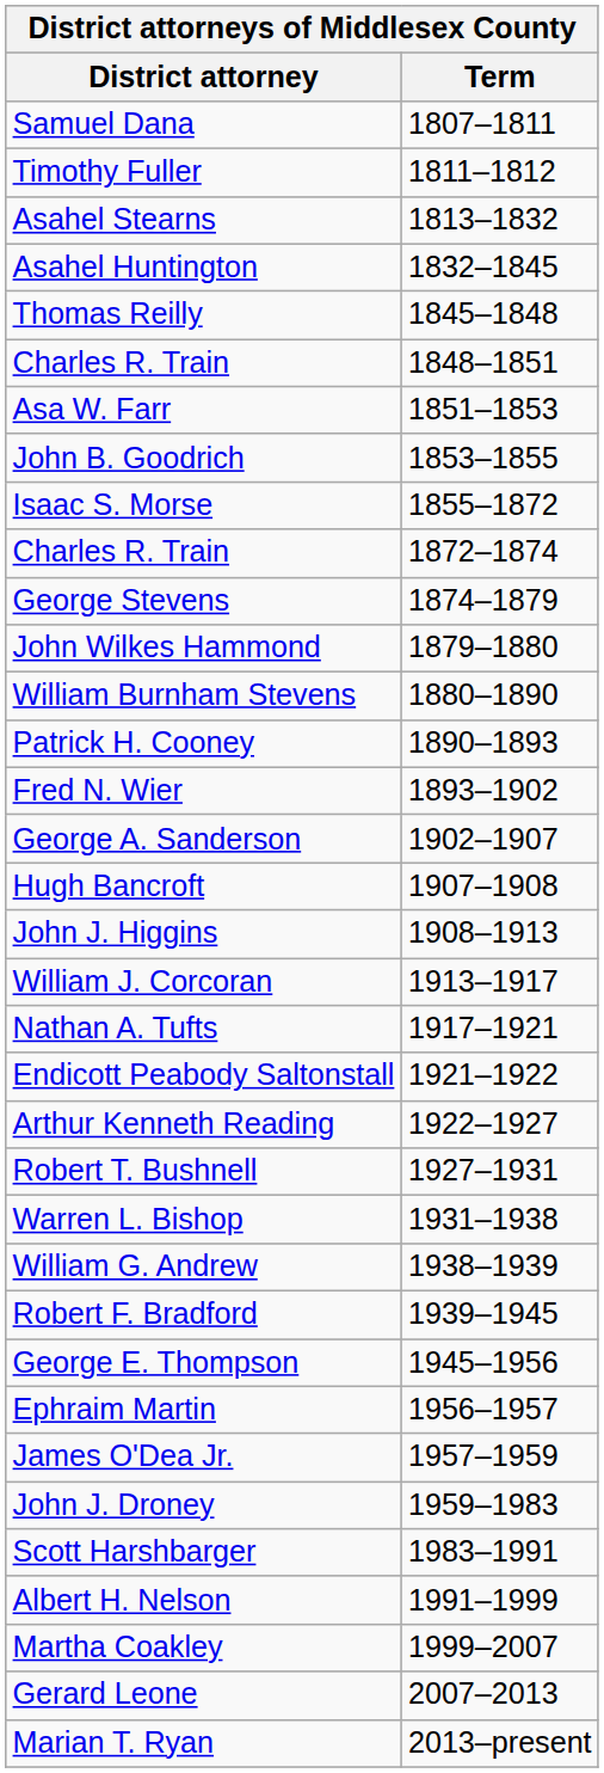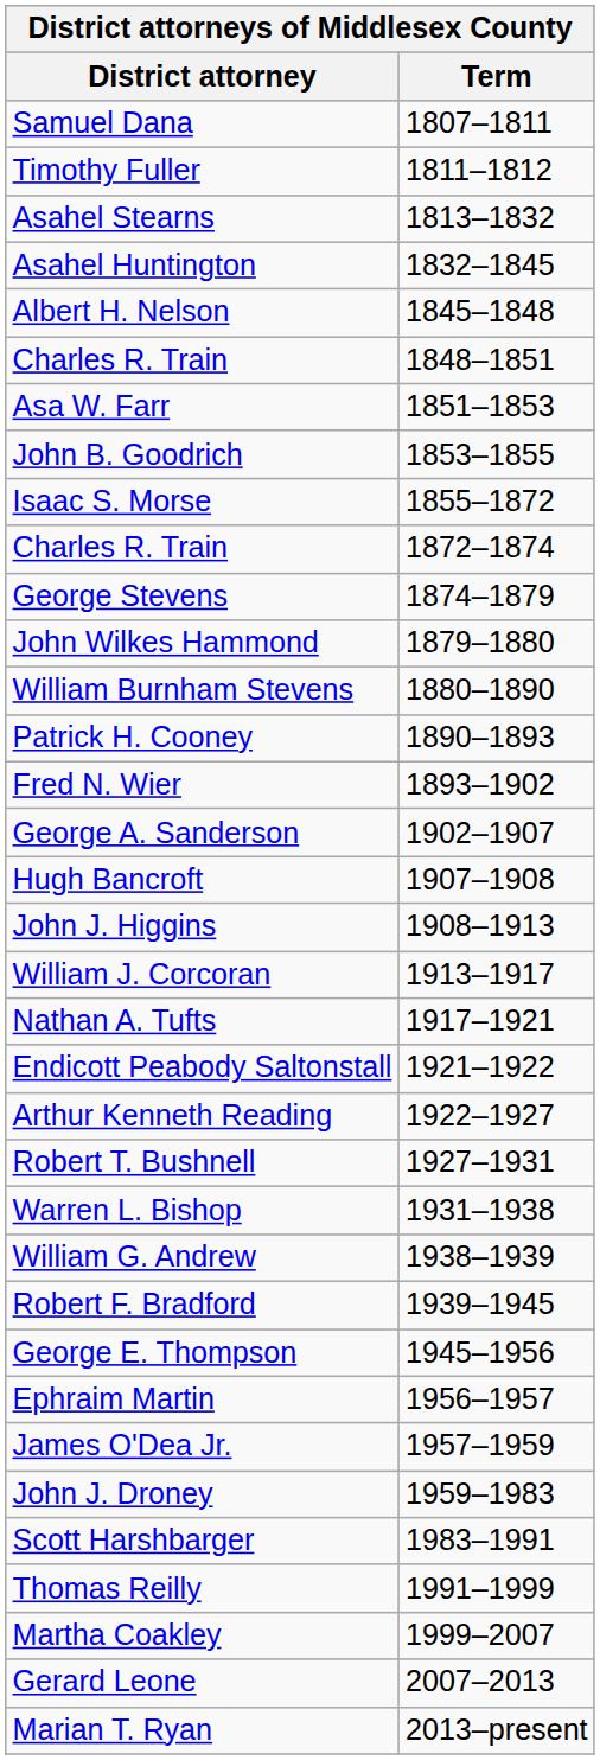 <table class="wikitable collapsible collapsed">
 <tr>
 <th colspan="2">District attorneys of Middlesex County</th>
 </tr>
 <tr>
 <th>District attorney</th>
 <th>Term</th>
 </tr>
 <tr>
 <td><a href='#'>Samuel Dana</a></td>
 <td>1807–1811</td>
 </tr>
 <tr>
 <td><a href='#'>Timothy Fuller</a></td>
 <td>1811–1812</td>
 </tr>
 <tr>
 <td><a href='#'>Asahel Stearns</a></td>
 <td>1813–1832</td>
 </tr>
 <tr>
 <td><a href='#'>Asahel Huntington</a></td>
 <td>1832–1845</td>
 </tr>
 <tr>
-<td><a href='#'>Thomas Reilly</a></td>
+<td><a href='#'>Albert H. Nelson</a></td>
 <td>1845–1848</td>
 </tr>
 <tr>
 <td><a href='#'>Charles R. Train</a></td>
 <td>1848–1851</td>
 </tr>
 <tr>
 <td><a href='#'>Asa W. Farr</a></td>
 <td>1851–1853</td>
 </tr>
 <tr>
 <td><a href='#'>John B. Goodrich</a></td>
 <td>1853–1855</td>
 </tr>
 <tr>
 <td><a href='#'>Isaac S. Morse</a></td>
 <td>1855–1872</td>
 </tr>
 <tr>
 <td><a href='#'>Charles R. Train</a></td>
 <td>1872–1874</td>
 </tr>
 <tr>
 <td><a href='#'>George Stevens</a></td>
 <td>1874–1879</td>
 </tr>
 <tr>
 <td><a href='#'>John Wilkes Hammond</a></td>
 <td>1879–1880</td>
 </tr>
 <tr>
 <td><a href='#'>William Burnham Stevens</a></td>
 <td>1880–1890</td>
 </tr>
 <tr>
 <td><a href='#'>Patrick H. Cooney</a></td>
 <td>1890–1893</td>
 </tr>
 <tr>
 <td><a href='#'>Fred N. Wier</a></td>
 <td>1893–1902</td>
 </tr>
 <tr>
 <td><a href='#'>George A. Sanderson</a></td>
 <td>1902–1907</td>
 </tr>
 <tr>
 <td><a href='#'>Hugh Bancroft</a></td>
 <td>1907–1908</td>
 </tr>
 <tr>
 <td><a href='#'>John J. Higgins</a></td>
 <td>1908–1913</td>
 </tr>
 <tr>
 <td><a href='#'>William J. Corcoran</a></td>
 <td>1913–1917</td>
 </tr>
 <tr>
 <td><a href='#'>Nathan A. Tufts</a></td>
 <td>1917–1921</td>
 </tr>
 <tr>
 <td><a href='#'>Endicott Peabody Saltonstall</a></td>
 <td>1921–1922</td>
 </tr>
 <tr>
 <td><a href='#'>Arthur Kenneth Reading</a></td>
 <td>1922–1927</td>
 </tr>
 <tr>
 <td><a href='#'>Robert T. Bushnell</a></td>
 <td>1927–1931</td>
 </tr>
 <tr>
 <td><a href='#'>Warren L. Bishop</a></td>
 <td>1931–1938</td>
 </tr>
 <tr>
 <td><a href='#'>William G. Andrew</a></td>
 <td>1938–1939</td>
 </tr>
 <tr>
 <td><a href='#'>Robert F. Bradford</a></td>
 <td>1939–1945</td>
 </tr>
 <tr>
 <td><a href='#'>George E. Thompson</a></td>
 <td>1945–1956</td>
 </tr>
 <tr>
 <td><a href='#'>Ephraim Martin</a></td>
 <td>1956–1957</td>
 </tr>
 <tr>
 <td><a href='#'>James O'Dea Jr.</a></td>
 <td>1957–1959</td>
 </tr>
 <tr>
 <td><a href='#'>John J. Droney</a></td>
 <td>1959–1983</td>
 </tr>
 <tr>
 <td><a href='#'>Scott Harshbarger</a></td>
 <td>1983–1991</td>
 </tr>
 <tr>
-<td><a href='#'>Albert H. Nelson</a></td>
+<td><a href='#'>Thomas Reilly</a></td>
 <td>1991–1999</td>
 </tr>
 <tr>
 <td><a href='#'>Martha Coakley</a></td>
 <td>1999–2007</td>
 </tr>
 <tr>
 <td><a href='#'>Gerard Leone</a></td>
 <td>2007–2013</td>
 </tr>
 <tr>
 <td><a href='#'>Marian T. Ryan</a></td>
 <td>2013–present</td>
 </tr>
 </table>
